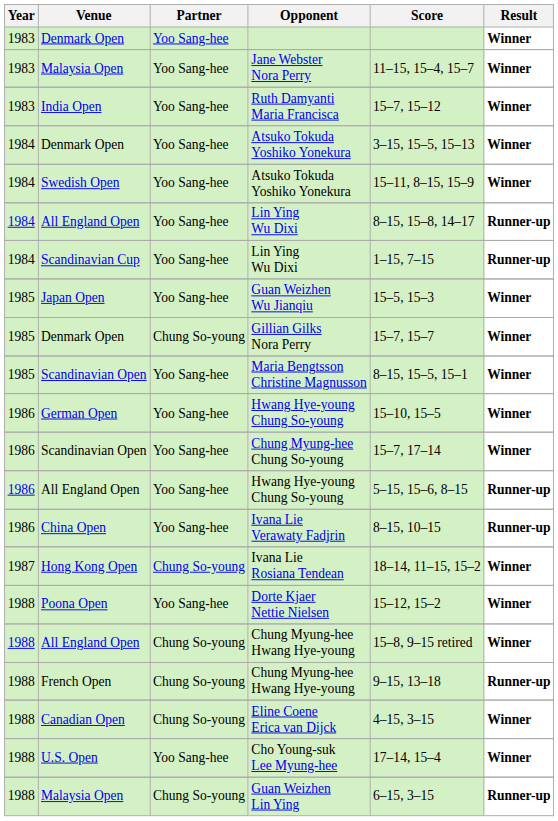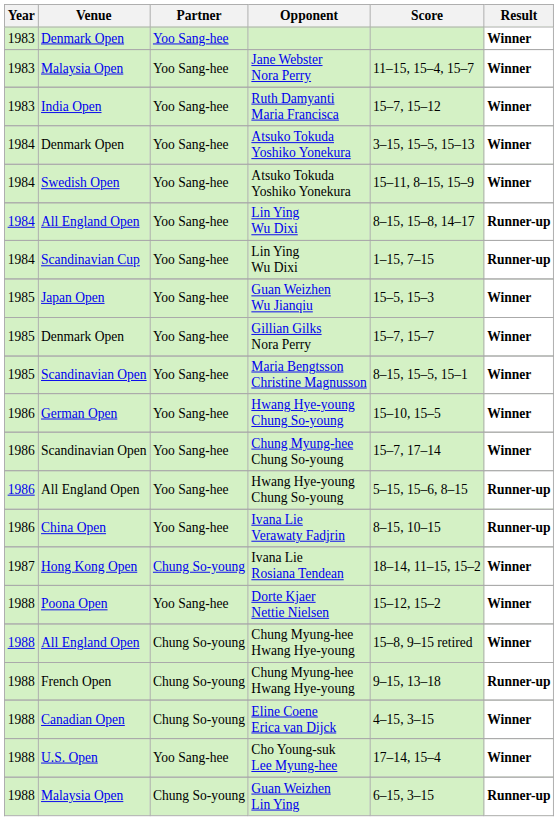 <table class="sortable wikitable" style="font-size: 90%;">
 <tr>
 <th>Year</th>
 <th>Venue</th>
 <th>Partner</th>
 <th>Opponent</th>
 <th>Score</th>
 <th>Result</th>
 </tr>
 <tr style="background:#D4F1C5">
 <td align="center">1983</td>
 <td align="left"><a href='#'>Denmark Open</a></td>
 <td align="left"> <a href='#'>Yoo Sang-hee</a></td>
 <td align="left"> <br></td>
 <td align="left"></td>
 <td style="text-align:left; background: white"> <strong>Winner</strong></td>
 </tr>
 <tr>
 </tr>
 <tr style="background:#D4F1C5">
 <td align="center">1983</td>
 <td align="left"><a href='#'>Malaysia Open</a></td>
 <td align="left"> Yoo Sang-hee</td>
 <td align="left"> <a href='#'>Jane Webster</a><br> <a href='#'>Nora Perry</a></td>
 <td align="left">11–15, 15–4, 15–7</td>
 <td style="text-align:left; background:white"> <strong>Winner</strong></td>
 </tr>
 <tr>
 </tr>
 <tr style="background:#D4F1C5">
 <td align="center">1983</td>
 <td align="left"><a href='#'>India Open</a></td>
 <td align="left"> Yoo Sang-hee</td>
 <td align="left"> <a href='#'>Ruth Damyanti</a><br> <a href='#'>Maria Francisca</a></td>
 <td align="left">15–7, 15–12</td>
 <td style="text-align:left; background:white"> <strong>Winner</strong></td>
 </tr>
 <tr>
 </tr>
 <tr style="background:#D4F1C5">
 <td align="center">1984</td>
 <td align="left">Denmark Open</td>
 <td align="left"> Yoo Sang-hee</td>
 <td align="left"> <a href='#'>Atsuko Tokuda</a><br> <a href='#'>Yoshiko Yonekura</a></td>
 <td align="left">3–15, 15–5, 15–13</td>
 <td style="text-align:left; background:white"> <strong>Winner</strong></td>
 </tr>
 <tr>
 </tr>
 <tr style="background:#D4F1C5">
 <td align="center">1984</td>
 <td align="left"><a href='#'>Swedish Open</a></td>
 <td align="left"> Yoo Sang-hee</td>
 <td align="left"> Atsuko Tokuda<br> Yoshiko Yonekura</td>
 <td align="left">15–11, 8–15, 15–9</td>
 <td style="text-align:left; background:white"> <strong>Winner</strong></td>
 </tr>
 <tr>
 </tr>
 <tr style="background:#D4F1C5">
 <td align="center"><a href='#'>1984</a></td>
 <td align="left"><a href='#'>All England Open</a></td>
 <td align="left"> Yoo Sang-hee</td>
 <td align="left"> <a href='#'>Lin Ying</a><br> <a href='#'>Wu Dixi</a></td>
 <td align="left">8–15, 15–8, 14–17</td>
 <td style="text-align:left; background:white"> <strong>Runner-up</strong></td>
 </tr>
 <tr>
 </tr>
 <tr style="background:#D4F1C5">
 <td align="center">1984</td>
 <td align="left"><a href='#'>Scandinavian Cup</a></td>
 <td align="left"> Yoo Sang-hee</td>
 <td align="left"> Lin Ying<br> Wu Dixi</td>
 <td align="left">1–15, 7–15</td>
 <td style="text-align:left; background:white"> <strong>Runner-up</strong></td>
 </tr>
 <tr>
 </tr>
 <tr style="background:#D4F1C5">
 <td align="center">1985</td>
 <td align="left"><a href='#'>Japan Open</a></td>
 <td align="left"> Yoo Sang-hee</td>
 <td align="left"> <a href='#'>Guan Weizhen</a><br> <a href='#'>Wu Jianqiu</a></td>
 <td align="left">15–5, 15–3</td>
 <td style="text-align:left; background:white"> <strong>Winner</strong></td>
 </tr>
 <tr>
 </tr>
 <tr style="background:#D4F1C5">
 <td align="center">1985</td>
 <td align="left">Denmark Open</td>
-<td align="left"> Chung So-young</td>
+<td align="left"> Yoo Sang-hee</td>
 <td align="left"> <a href='#'>Gillian Gilks</a><br> Nora Perry</td>
 <td align="left">15–7, 15–7</td>
 <td style="text-align:left; background:white"> <strong>Winner</strong></td>
 </tr>
 <tr>
 </tr>
 <tr style="background:#D4F1C5">
 <td align="center">1985</td>
 <td align="left"><a href='#'>Scandinavian Open</a></td>
 <td align="left"> Yoo Sang-hee</td>
 <td align="left"> <a href='#'>Maria Bengtsson</a><br> <a href='#'>Christine Magnusson</a></td>
 <td align="left">8–15, 15–5, 15–1</td>
 <td style="text-align:left; background:white"> <strong>Winner</strong></td>
 </tr>
 <tr>
 </tr>
 <tr style="background:#D4F1C5">
 <td align="center">1986</td>
 <td align="left"><a href='#'>German Open</a></td>
 <td align="left"> Yoo Sang-hee</td>
 <td align="left"> <a href='#'>Hwang Hye-young</a><br> <a href='#'>Chung So-young</a></td>
 <td align="left">15–10, 15–5</td>
 <td style="text-align:left; background:white"> <strong>Winner</strong></td>
 </tr>
 <tr>
 </tr>
 <tr style="background:#D4F1C5">
 <td align="center">1986</td>
 <td align="left">Scandinavian Open</td>
 <td align="left"> Yoo Sang-hee</td>
 <td align="left"> <a href='#'>Chung Myung-hee</a><br> Chung So-young</td>
 <td align="left">15–7, 17–14</td>
 <td style="text-align:left; background:white"> <strong>Winner</strong></td>
 </tr>
 <tr>
 </tr>
 <tr style="background:#D4F1C5">
 <td align="center"><a href='#'>1986</a></td>
 <td align="left">All England Open</td>
 <td align="left"> Yoo Sang-hee</td>
 <td align="left"> Hwang Hye-young<br> Chung So-young</td>
 <td align="left">5–15, 15–6, 8–15</td>
 <td style="text-align:left; background:white"> <strong>Runner-up</strong></td>
 </tr>
 <tr>
 </tr>
 <tr style="background:#D4F1C5">
 <td align="center">1986</td>
 <td align="left"><a href='#'>China Open</a></td>
 <td align="left"> Yoo Sang-hee</td>
 <td align="left"> <a href='#'>Ivana Lie</a><br> <a href='#'>Verawaty Fadjrin</a></td>
 <td align="left">8–15, 10–15</td>
 <td style="text-align:left; background:white"> <strong>Runner-up</strong></td>
 </tr>
 <tr>
 </tr>
 <tr style="background:#D4F1C5">
 <td align="center">1987</td>
 <td align="left"><a href='#'>Hong Kong Open</a></td>
 <td align="left"> <a href='#'>Chung So-young</a></td>
 <td align="left"> Ivana Lie <br>  <a href='#'>Rosiana Tendean</a></td>
 <td align="left">18–14, 11–15, 15–2</td>
 <td style="text-align:left; background:white"> <strong>Winner</strong></td>
 </tr>
 <tr>
 </tr>
 <tr style="background:#D4F1C5">
 <td align="center">1988</td>
 <td align="left"><a href='#'>Poona Open</a></td>
 <td align="left"> Yoo Sang-hee</td>
 <td align="left"> <a href='#'>Dorte Kjaer</a><br> <a href='#'>Nettie Nielsen</a></td>
 <td align="left">15–12, 15–2</td>
 <td style="text-align:left; background:white"> <strong>Winner</strong></td>
 </tr>
 <tr>
 </tr>
 <tr style="background:#D4F1C5">
 <td align="center"><a href='#'>1988</a></td>
 <td align="left"><a href='#'>All England Open</a></td>
 <td align="left"> Chung So-young</td>
 <td align="left"> Chung Myung-hee <br>  Hwang Hye-young</td>
 <td align="left">15–8, 9–15 retired</td>
 <td style="text-align:left; background:white"> <strong>Winner</strong></td>
 </tr>
 <tr>
 </tr>
 <tr style="background:#D4F1C5">
 <td align="center">1988</td>
 <td align="left">French Open</td>
 <td align="left"> Chung So-young</td>
 <td align="left"> Chung Myung-hee <br>  Hwang Hye-young</td>
 <td align="left">9–15, 13–18</td>
 <td style="text-align:left; background:white"> <strong>Runner-up</strong></td>
 </tr>
 <tr>
 </tr>
 <tr style="background:#D4F1C5">
 <td align="center">1988</td>
 <td align="left"><a href='#'>Canadian Open</a></td>
 <td align="left"> Chung So-young</td>
 <td align="left"> <a href='#'>Eline Coene</a> <br>  <a href='#'>Erica van Dijck</a></td>
 <td align="left">4–15, 3–15</td>
 <td style="text-align:left; background:white"> <strong>Winner</strong></td>
 </tr>
 <tr>
 </tr>
 <tr style="background:#D4F1C5">
 <td align="center">1988</td>
 <td align="left"><a href='#'>U.S. Open</a></td>
 <td align="left"> Yoo Sang-hee</td>
 <td align="left"> Cho Young-suk <br>  <a href='#'>Lee Myung-hee</a></td>
 <td align="left">17–14, 15–4</td>
 <td style="text-align:left; background:white"> <strong>Winner</strong></td>
 </tr>
 <tr>
 </tr>
 <tr style="background:#D4F1C5">
 <td align="center">1988</td>
 <td align="left"><a href='#'>Malaysia Open</a></td>
 <td align="left"> Chung So-young</td>
 <td align="left"> <a href='#'>Guan Weizhen</a> <br>  <a href='#'>Lin Ying</a></td>
 <td align="left">6–15, 3–15</td>
 <td style="text-align:left; background:white"> <strong>Runner-up</strong></td>
 </tr>
 </table>
